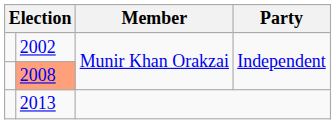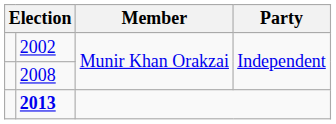 <table class="wikitable">
 <tr>
 <th colspan="2">Election</th>
 <th>Member</th>
 <th>Party</th>
 </tr>
 <tr>
 <td style="background-color: "></td>
 <td><a href='#'>2002</a></td>
 <td rowspan="2"><a href='#'>Munir Khan Orakzai</a></td>
 <td rowspan="2"><a href='#'>Independent</a></td>
 </tr>
 <tr>
 <td style="background-color: "></td>
-<td style="background: lightsalmon;"><a href='#'>2008</a></td>
+<td><a href='#'>2008</a></td>
 </tr>
 <tr>
 <td style="background-color: "></td>
-<td><a href='#'>2013</a></td>
+<td><strong><a href='#'>2013</a></strong></td>
 <td colspan="2"></td>
 </tr>
 </table>
